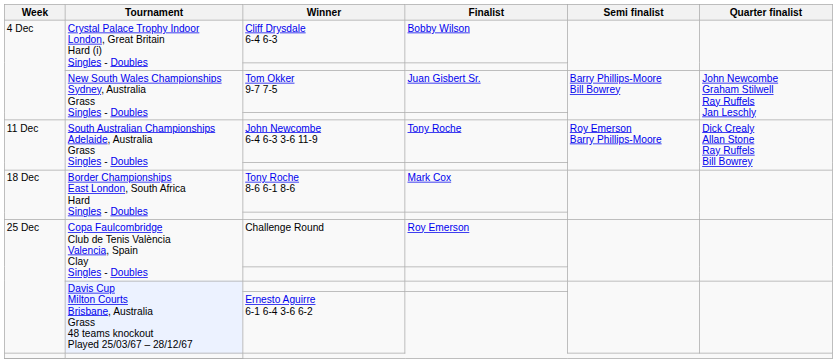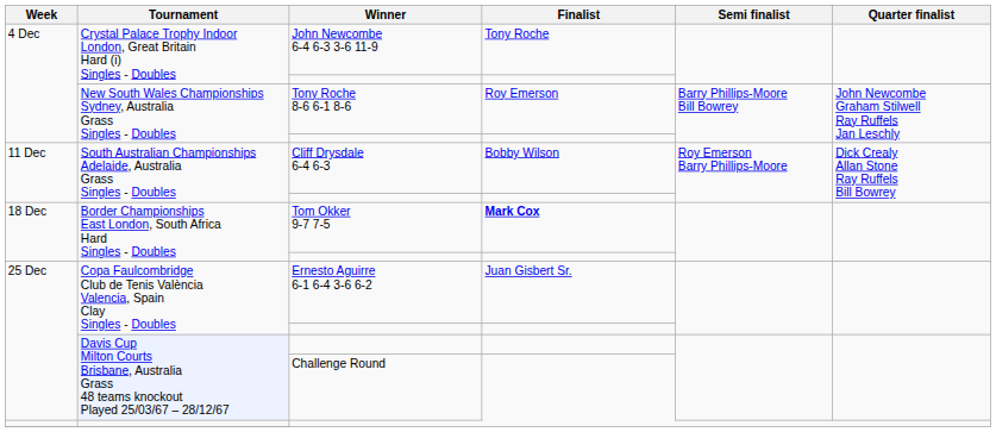 <table class="wikitable" style="font-size:85%;">
 <tr>
 <th width="75">Week</th>
 <th width="230">Tournament</th>
 <th width="210">Winner</th>
 <th width="210">Finalist</th>
 <th width="170">Semi finalist</th>
 <th width="170">Quarter finalist</th>
 </tr>
 <tr valign=top>
 <td rowspan=4>4 Dec</td>
 <td rowspan=2><a href='#'>Crystal Palace Trophy Indoor</a><br><a href='#'>London</a>, Great Britain<br>Hard (i) <br><a href='#'>Singles</a> - <a href='#'>Doubles</a></td>
-<td> <a href='#'>Cliff Drysdale</a><br>6-4 6-3</td>
-<td> <a href='#'>Bobby Wilson</a></td>
+<td> <a href='#'>John Newcombe</a><br>6-4 6-3 3-6 11-9</td>
+<td> <a href='#'>Tony Roche</a></td>
 <td rowspan=2></td>
 <td rowspan=2></td>
 </tr>
 <tr valign=top>
 <td></td>
 <td></td>
 </tr>
 <tr valign=top>
 <td rowspan=2><a href='#'>New South Wales Championships</a><br><a href='#'>Sydney</a>, Australia<br>Grass<br> <a href='#'>Singles</a> - <a href='#'>Doubles</a></td>
-<td> <a href='#'>Tom Okker</a><br>9-7 7-5</td>
-<td> <a href='#'>Juan Gisbert Sr.</a></td>
+<td> <a href='#'>Tony Roche</a><br>8-6 6-1 8-6</td>
+<td> <a href='#'>Roy Emerson</a></td>
 <td rowspan=2> <a href='#'>Barry Phillips-Moore</a><br> <a href='#'>Bill Bowrey</a></td>
 <td rowspan=2> <a href='#'>John Newcombe</a><br> <a href='#'>Graham Stilwell</a><br> <a href='#'>Ray Ruffels</a><br> <a href='#'>Jan Leschly</a></td>
 </tr>
 <tr valign=top>
 <td></td>
 <td></td>
 </tr>
 <tr valign=top>
 <td rowspan=2>11 Dec</td>
 <td rowspan=2><a href='#'>South Australian Championships</a><br><a href='#'>Adelaide</a>, Australia<br>Grass<br> <a href='#'>Singles</a> - <a href='#'>Doubles</a></td>
-<td> <a href='#'>John Newcombe</a><br>6-4 6-3 3-6 11-9</td>
-<td> <a href='#'>Tony Roche</a></td>
+<td> <a href='#'>Cliff Drysdale</a><br>6-4 6-3</td>
+<td> <a href='#'>Bobby Wilson</a></td>
 <td rowspan=2> <a href='#'>Roy Emerson</a><br> <a href='#'>Barry Phillips-Moore</a></td>
 <td rowspan=2> <a href='#'>Dick Crealy</a><br> <a href='#'>Allan Stone</a><br> <a href='#'>Ray Ruffels</a><br> <a href='#'>Bill Bowrey</a></td>
 </tr>
 <tr valign=top>
 <td></td>
 <td></td>
 </tr>
 <tr valign=top>
 <td rowspan=2>18 Dec</td>
 <td rowspan=2><a href='#'>Border Championships</a><br><a href='#'>East London</a>, South Africa<br>Hard <br><a href='#'>Singles</a> - <a href='#'>Doubles</a></td>
-<td> <a href='#'>Tony Roche</a><br>8-6 6-1 8-6</td>
-<td> <a href='#'>Mark Cox</a></td>
+<td> <a href='#'>Tom Okker</a><br>9-7 7-5</td>
+<td><strong> <a href='#'>Mark Cox</a></strong></td>
 <td rowspan=2></td>
 <td rowspan=2></td>
 </tr>
 <tr valign=top>
 <td></td>
 <td></td>
 </tr>
 <tr valign=top>
 <td rowspan=4>25 Dec</td>
 <td rowspan=2><a href='#'>Copa Faulcombridge</a><br>Club de Tenis València<br><a href='#'>Valencia</a>, Spain<br>Clay<br><a href='#'>Singles</a> - <a href='#'>Doubles</a></td>
-<td>Challenge Round<br></td>
-<td> <a href='#'>Roy Emerson</a></td>
+<td> <a href='#'>Ernesto Aguirre</a><br>6-1 6-4 3-6 6-2</td>
+<td> <a href='#'>Juan Gisbert Sr.</a></td>
 <td rowspan=2></td>
 <td rowspan=2></td>
 </tr>
 <tr valign=top>
 <td></td>
 <td></td>
 </tr>
 <tr valign=top>
 <td style="background:#ECF2FF;" rowspan=2><a href='#'>Davis Cup</a><br><a href='#'>Milton Courts</a><br><a href='#'>Brisbane</a>, Australia<br>Grass<br>48 teams knockout<br>Played 25/03/67 – 28/12/67</td>
 <td></td>
 <td></td>
 <td rowspan=2><br></td>
 <td rowspan=2><br><br><br></td>
 </tr>
 <tr valign=top>
-<td> <a href='#'>Ernesto Aguirre</a><br>6-1 6-4 3-6 6-2</td>
+<td>Challenge Round<br></td>
 </tr>
 <tr valign=top>
 <td></td>
 <td></td>
 </tr>
 <tr valign=top>
 </tr>
 </table>
